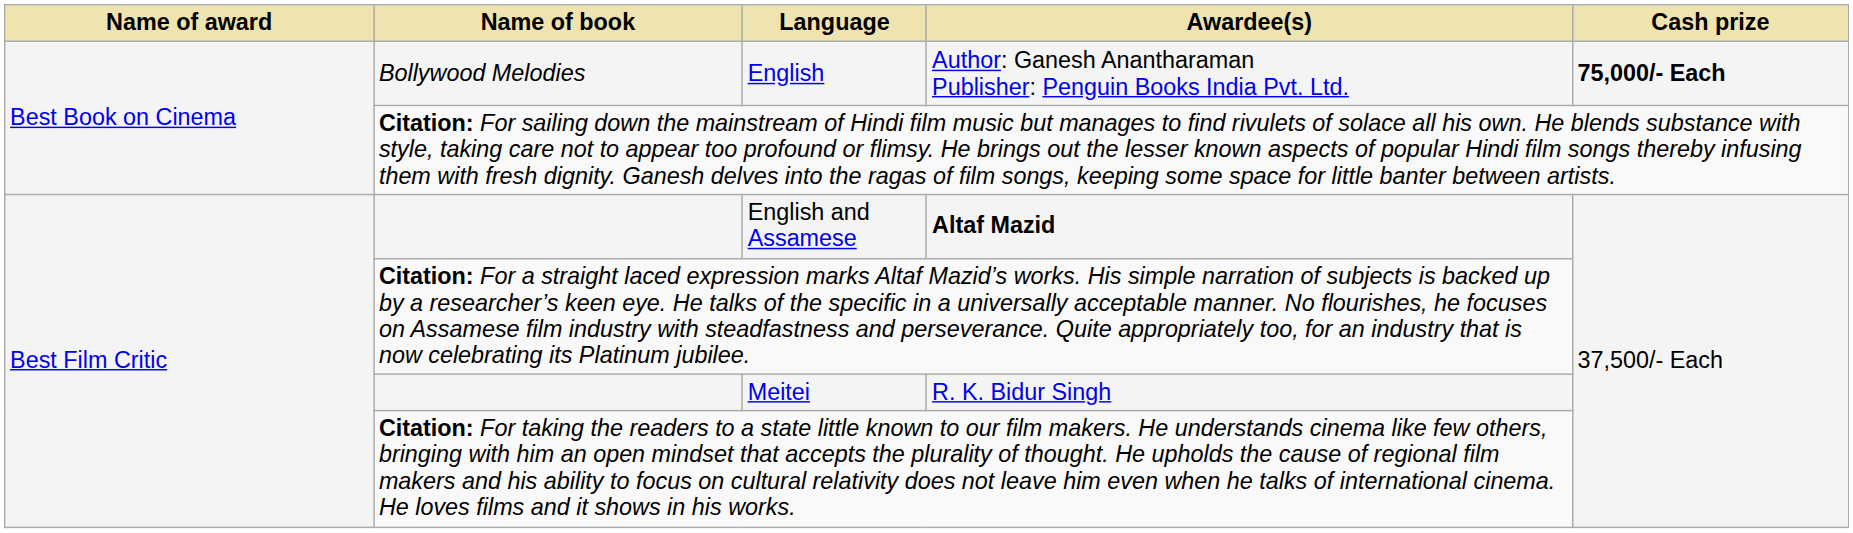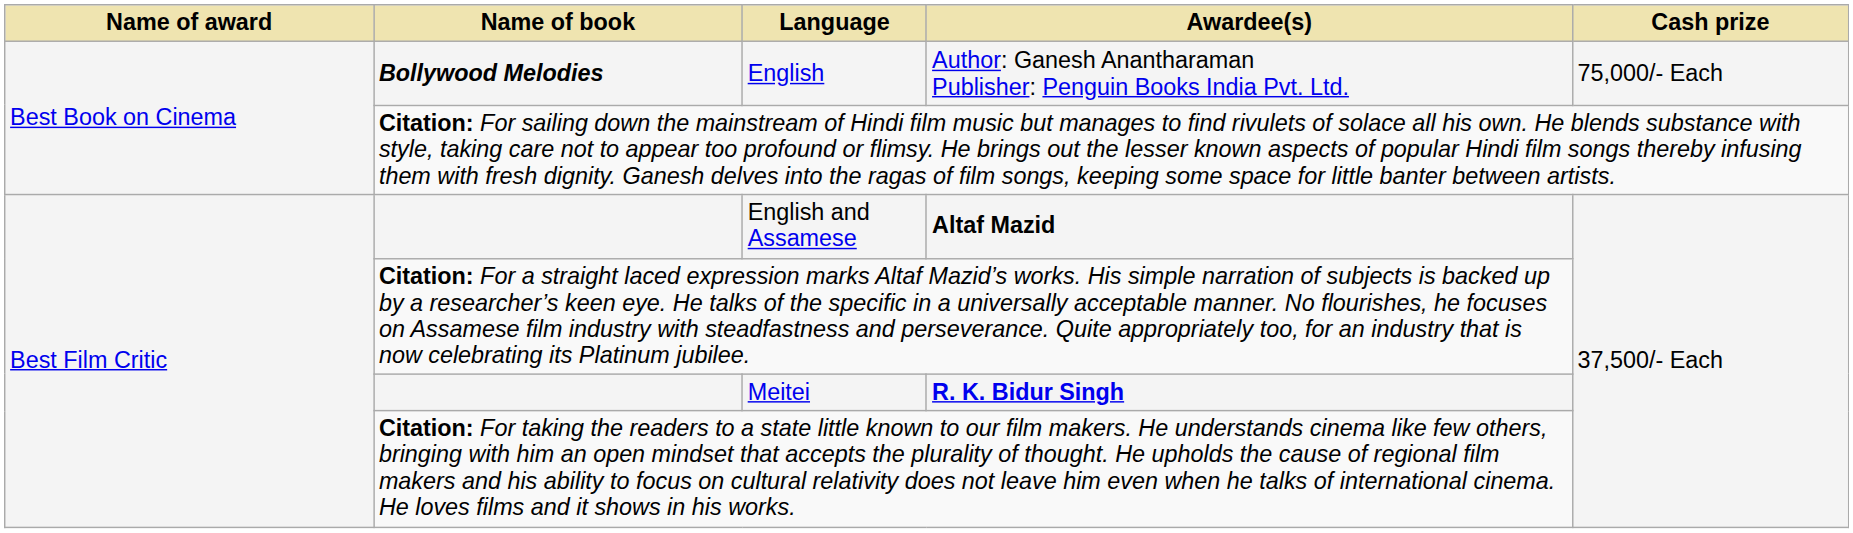 <table class="wikitable" style="width:100%;">
 <tr style="background-color:#F4F4F4">
 <th style="background-color:#EFE4B0;width:20%;">Name of award</th>
 <th style="background-color:#EFE4B0;width:20%;">Name of book</th>
 <th style="background-color:#EFE4B0;width:10%;">Language</th>
 <th style="background-color:#EFE4B0;width:35%;">Awardee(s)</th>
 <th style="background-color:#EFE4B0;width:15%;">Cash prize</th>
 </tr>
 <tr style="background-color:#F4F4F4">
 <td rowspan="2"><a href='#'>Best Book on Cinema</a></td>
-<td><em>Bollywood Melodies</em></td>
+<td><strong><em>Bollywood Melodies</em></strong></td>
 <td><a href='#'>English</a></td>
 <td><a href='#'>Author</a>: Ganesh Anantharaman<br><a href='#'>Publisher</a>: <a href='#'>Penguin Books India Pvt. Ltd.</a></td>
-<td><strong> 75,000/- Each</strong></td>
+<td> 75,000/- Each</td>
 </tr>
 <tr style="background-color:#F9F9F9">
 <td colspan="4"><strong>Citation:</strong> <em>For sailing down the mainstream of Hindi film music but manages to find rivulets of solace all his own. He blends substance with style, taking care not to appear too profound or flimsy. He brings out the lesser known aspects of popular Hindi film songs thereby infusing them with fresh dignity. Ganesh delves into the ragas of film songs, keeping some space for little banter between artists.</em></td>
 </tr>
 <tr style="background-color:#F4F4F4">
 <td rowspan="4"><a href='#'>Best Film Critic</a></td>
 <td></td>
 <td>English and <a href='#'>Assamese</a></td>
 <td><strong>Altaf Mazid</strong></td>
 <td rowspan="4"> 37,500/- Each</td>
 </tr>
 <tr style="background-color:#F9F9F9">
 <td colspan="3"><strong>Citation:</strong> <em>For a straight laced expression marks Altaf Mazid’s works. His simple narration of subjects is backed up by a researcher’s keen eye. He talks of the specific in a universally acceptable manner. No flourishes, he focuses on Assamese film industry with steadfastness and perseverance. Quite appropriately too, for an industry that is now celebrating its Platinum jubilee.</em></td>
 </tr>
 <tr style="background-color:#F4F4F4">
 <td></td>
 <td><a href='#'>Meitei</a></td>
-<td><a href='#'>R. K. Bidur Singh</a></td>
+<td><strong><a href='#'>R. K. Bidur Singh</a></strong></td>
 </tr>
 <tr style="background-color:#F9F9F9">
 <td colspan="3"><strong>Citation:</strong> <em>For taking the readers to a state little known to our film makers. He understands cinema like few others, bringing with him an open mindset that accepts the plurality of thought. He upholds the cause of regional film makers and his ability to focus on cultural relativity does not leave him even when he talks of international cinema. He loves films and it shows in his works.</em></td>
 </tr>
 </table>
